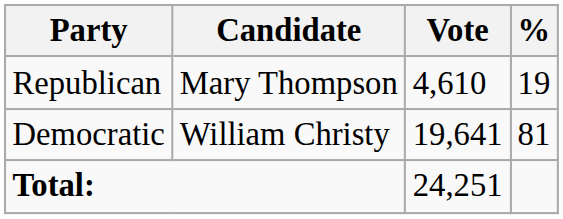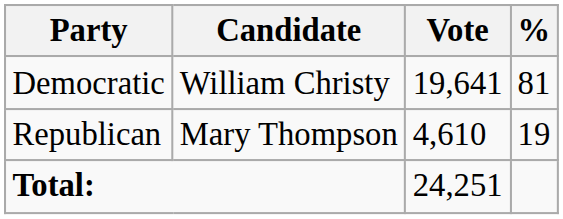 <table class="wikitable">
 <tr>
 <th>Party</th>
 <th>Candidate</th>
 <th>Vote</th>
 <th>%</th>
 </tr>
 <tr>
+<td>Democratic</td>
+<td>William Christy</td>
+<td>19,641</td>
+<td>81</td>
+</tr>
+<tr>
 <td>Republican</td>
 <td>Mary Thompson</td>
 <td>4,610</td>
 <td>19</td>
-</tr>
-<tr>
-<td>Democratic</td>
-<td>William Christy</td>
-<td>19,641</td>
-<td>81</td>
 </tr>
 <tr>
 <td colspan="2"><strong>Total:</strong></td>
 <td>24,251</td>
 <td></td>
 </tr>
 </table>
